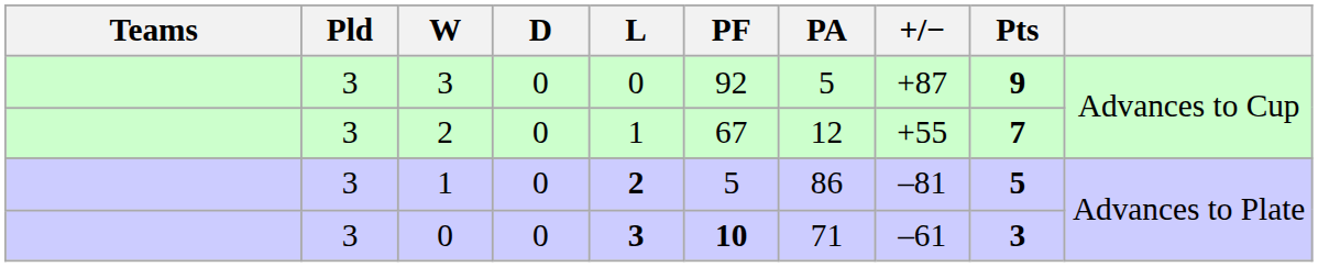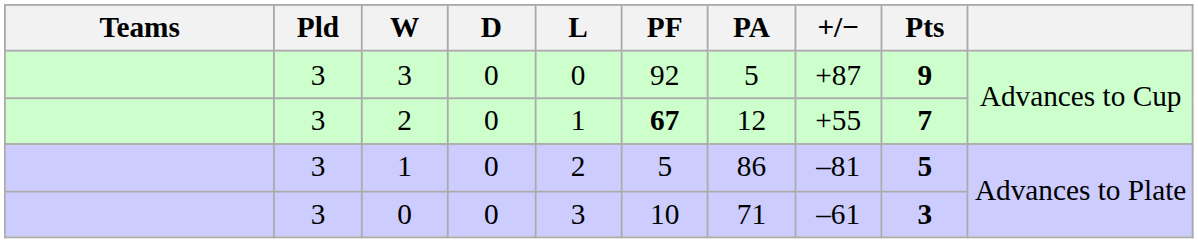 <table class="wikitable" style="text-align: center;">
 <tr>
 <th width="140">Teams</th>
 <th width="40">Pld</th>
 <th width="40">W</th>
 <th width="40">D</th>
 <th width="40">L</th>
 <th width="40">PF</th>
 <th width="40">PA</th>
 <th width="40">+/−</th>
 <th width="40">Pts</th>
 <th></th>
 </tr>
 <tr bgcolor="ccffcc">
 <td align="left"></td>
 <td>3</td>
 <td>3</td>
 <td>0</td>
 <td>0</td>
 <td>92</td>
 <td>5</td>
 <td>+87</td>
 <td><strong>9</strong></td>
 <td rowspan="2">Advances to Cup</td>
 </tr>
 <tr bgcolor="ccffcc">
 <td align="left"></td>
 <td>3</td>
 <td>2</td>
 <td>0</td>
 <td>1</td>
-<td>67</td>
+<td><strong>67</strong></td>
 <td>12</td>
 <td>+55</td>
 <td><strong>7</strong></td>
 </tr>
 <tr bgcolor="ccccff">
 <td align="left"></td>
 <td>3</td>
 <td>1</td>
 <td>0</td>
-<td><strong>2</strong></td>
+<td>2</td>
 <td>5</td>
 <td>86</td>
 <td>–81</td>
 <td><strong>5</strong></td>
 <td rowspan="2">Advances to Plate</td>
 </tr>
 <tr bgcolor="ccccff">
 <td align="left"></td>
 <td>3</td>
 <td>0</td>
 <td>0</td>
-<td><strong>3</strong></td>
-<td><strong>10</strong></td>
+<td>3</td>
+<td>10</td>
 <td>71</td>
 <td>–61</td>
 <td><strong>3</strong></td>
 </tr>
 </table>
